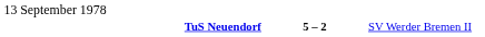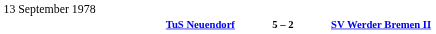 <table style="width:100%;" cellspacing="1">
 <tr>
 <th width=25%></th>
 <th width=10%></th>
 <th width=25%></th>
 <th></th>
 </tr>
 <tr>
 <td>13 September 1978</td>
 </tr>
 <tr style=font-size:90%>
 <td align=right><strong><a href='#'>TuS Neuendorf</a></strong></td>
 <td align=center><strong>5 – 2</strong></td>
-<td><a href='#'>SV Werder Bremen II</a></td>
+<td><strong><a href='#'>SV Werder Bremen II</a></strong></td>
 </tr>
 </table>
